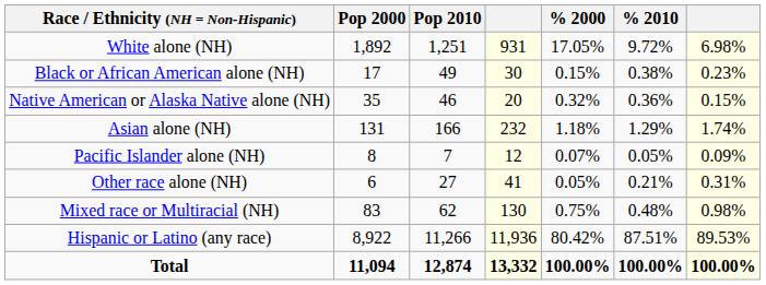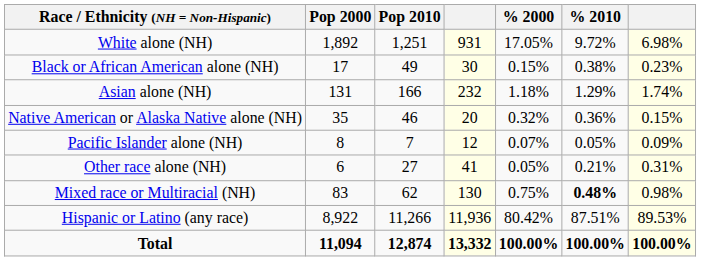 <table class="wikitable" style="text-align:center;">
 <tr>
 <th>Race / Ethnicity <small>(<em>NH = Non-Hispanic</em>)</small></th>
 <th>Pop 2000</th>
 <th>Pop 2010</th>
 <th></th>
 <th>% 2000</th>
 <th>% 2010</th>
 <th></th>
 </tr>
 <tr>
 <td><a href='#'>White</a> alone (NH)</td>
 <td>1,892</td>
 <td>1,251</td>
 <td style='background: #ffffe6;'>931</td>
 <td>17.05%</td>
 <td>9.72%</td>
 <td style='background: #ffffe6;'>6.98%</td>
 </tr>
 <tr>
 <td><a href='#'>Black or African American</a> alone (NH)</td>
 <td>17</td>
 <td>49</td>
 <td style='background: #ffffe6;'>30</td>
 <td>0.15%</td>
 <td>0.38%</td>
 <td style='background: #ffffe6;'>0.23%</td>
 </tr>
 <tr>
+<td><a href='#'>Asian</a> alone (NH)</td>
+<td>131</td>
+<td>166</td>
+<td style='background: #ffffe6;'>232</td>
+<td>1.18%</td>
+<td>1.29%</td>
+<td style='background: #ffffe6;'>1.74%</td>
+</tr>
+<tr>
 <td><a href='#'>Native American</a> or <a href='#'>Alaska Native</a> alone (NH)</td>
 <td>35</td>
 <td>46</td>
 <td style='background: #ffffe6;'>20</td>
 <td>0.32%</td>
 <td>0.36%</td>
 <td style='background: #ffffe6;'>0.15%</td>
-</tr>
-<tr>
-<td><a href='#'>Asian</a> alone (NH)</td>
-<td>131</td>
-<td>166</td>
-<td style='background: #ffffe6;'>232</td>
-<td>1.18%</td>
-<td>1.29%</td>
-<td style='background: #ffffe6;'>1.74%</td>
 </tr>
 <tr>
 <td><a href='#'>Pacific Islander</a> alone (NH)</td>
 <td>8</td>
 <td>7</td>
 <td style='background: #ffffe6;'>12</td>
 <td>0.07%</td>
 <td>0.05%</td>
 <td style='background: #ffffe6;'>0.09%</td>
 </tr>
 <tr>
 <td><a href='#'>Other race</a> alone (NH)</td>
 <td>6</td>
 <td>27</td>
 <td style='background: #ffffe6;'>41</td>
 <td>0.05%</td>
 <td>0.21%</td>
 <td style='background: #ffffe6;'>0.31%</td>
 </tr>
 <tr>
 <td><a href='#'>Mixed race or Multiracial</a> (NH)</td>
 <td>83</td>
 <td>62</td>
 <td style='background: #ffffe6;'>130</td>
 <td>0.75%</td>
-<td>0.48%</td>
+<td><strong>0.48%</strong></td>
 <td style='background: #ffffe6;'>0.98%</td>
 </tr>
 <tr>
 <td><a href='#'>Hispanic or Latino</a> (any race)</td>
 <td>8,922</td>
 <td>11,266</td>
 <td style='background: #ffffe6;'>11,936</td>
 <td>80.42%</td>
 <td>87.51%</td>
 <td style='background: #ffffe6;'>89.53%</td>
 </tr>
 <tr>
 <td><strong>Total</strong></td>
 <td><strong>11,094</strong></td>
 <td><strong>12,874</strong></td>
 <td style='background: #ffffe6;'><strong>13,332</strong></td>
 <td><strong>100.00%</strong></td>
 <td><strong>100.00%</strong></td>
 <td style='background: #ffffe6;'><strong>100.00%</strong></td>
 </tr>
 </table>
